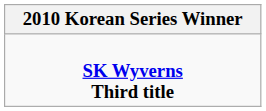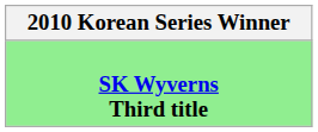 <table width="220" class="wikitable">
 <tr>
 <th><strong>2010 Korean Series Winner</strong></th>
 </tr>
 <tr align="center">
-<td><br><strong><a href='#'>SK Wyverns</a></strong><br><strong>Third title</strong></td>
+<td style="background: lightgreen;"><br><strong><a href='#'>SK Wyverns</a></strong><br><strong>Third title</strong></td>
 </tr>
 </table>
